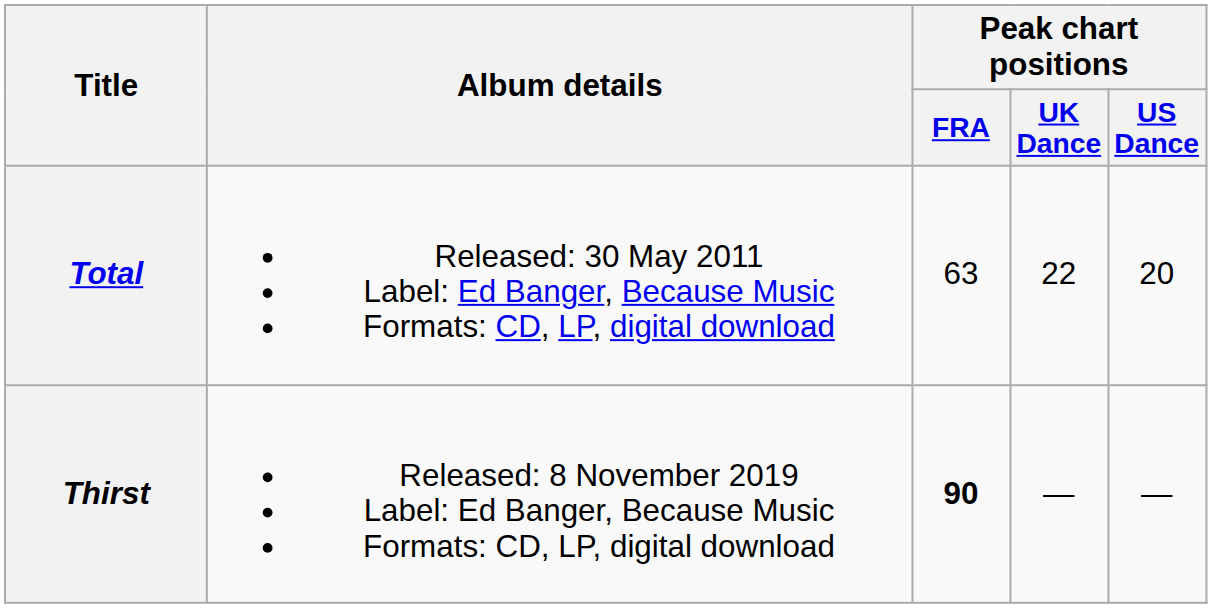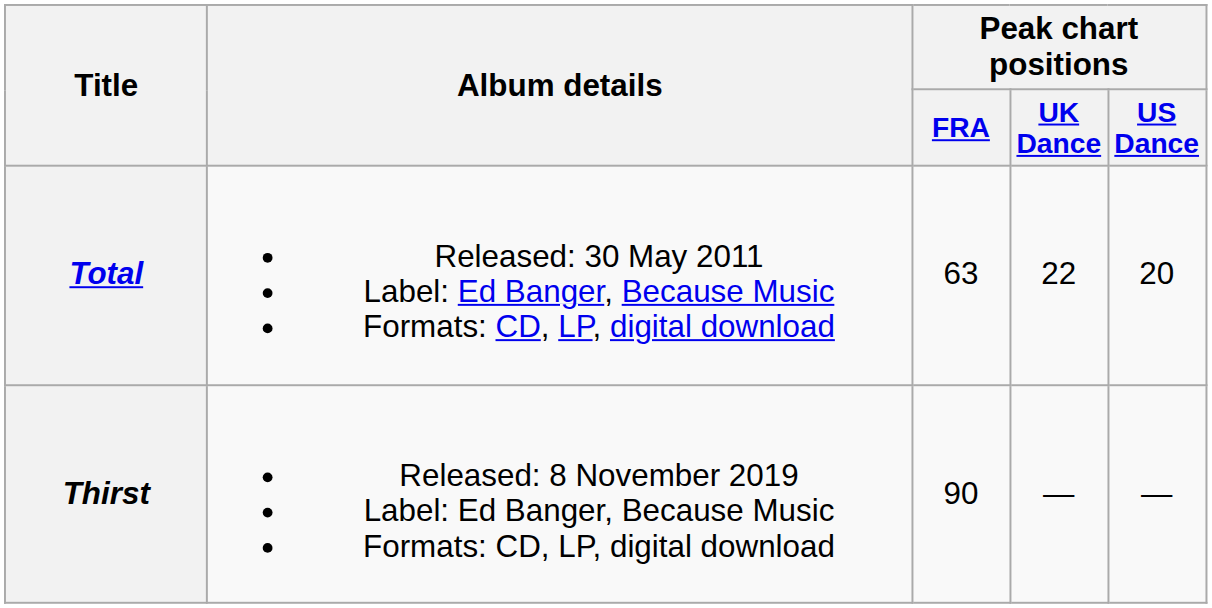 <table class="wikitable plainrowheaders" style="text-align:center;">
 <tr>
 <th scope="col" rowspan="2" style="width:6em;">Title</th>
 <th scope="col" rowspan="2" style="width:22em;">Album details</th>
 <th scope="col" colspan="3">Peak chart positions</th>
 </tr>
 <tr>
 <th scope="col" style="width:3em;font-size:90%;"><a href='#'>FRA</a><br></th>
 <th scope="col" style="width:3em;font-size:90%;"><a href='#'>UK Dance</a><br></th>
 <th scope="col" style="width:3em;font-size:90%;"><a href='#'>US Dance</a><br></th>
 </tr>
 <tr>
 <th scope="row"><em><a href='#'>Total</a></em></th>
 <td><br><ul><li>Released: 30 May 2011</li><li>Label: <a href='#'>Ed Banger</a>, <a href='#'>Because Music</a></li><li>Formats: <a href='#'>CD</a>, <a href='#'>LP</a>, <a href='#'>digital download</a></li></ul></td>
 <td style="text-align:center;">63</td>
 <td style="text-align:center;">22</td>
 <td style="text-align:center;">20</td>
 </tr>
 <tr>
 <th scope="row"><em>Thirst</em></th>
 <td><br><ul><li>Released: 8 November 2019</li><li>Label: Ed Banger, Because Music</li><li>Formats: CD, LP, digital download</li></ul></td>
-<td style="text-align:center;"><strong>90<br></strong></td>
+<td style="text-align:center;">90<br></td>
 <td style="text-align:center;">—</td>
 <td style="text-align:center;">—</td>
 </tr>
 </table>
